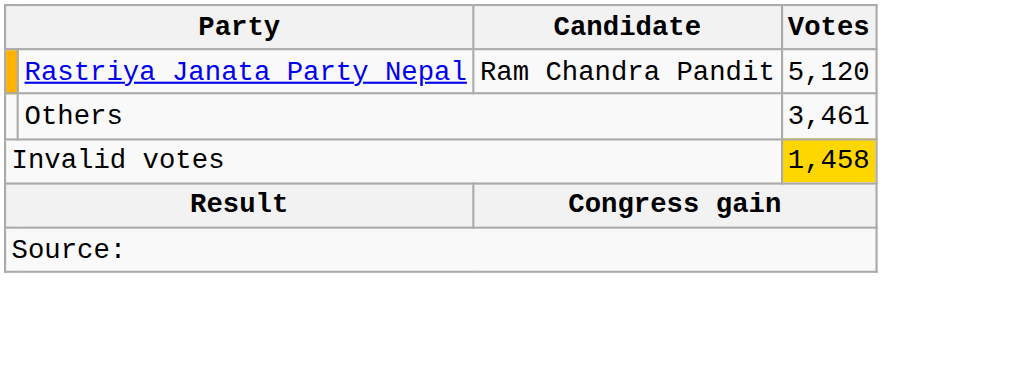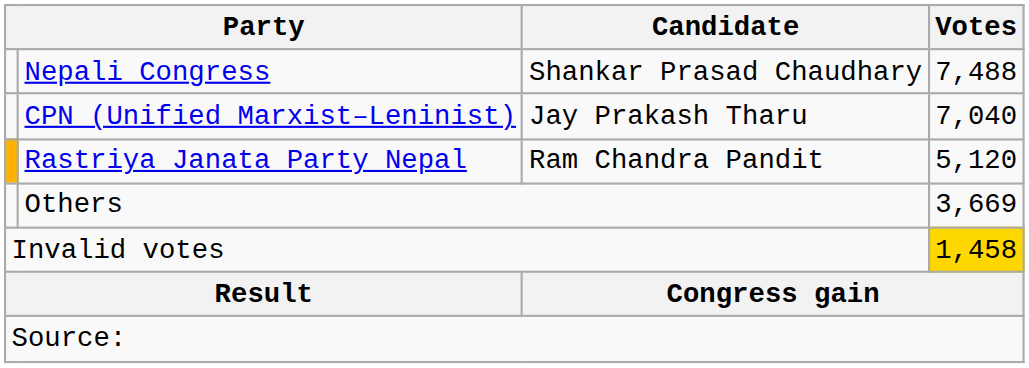 <table class="wikitable">
 <tr>
 <th colspan="2">Party</th>
 <th>Candidate</th>
 <th>Votes</th>
+</tr>
+<tr>
+<td style="background-color:"></td>
+<td><a href='#'>Nepali Congress</a></td>
+<td>Shankar Prasad Chaudhary</td>
+<td>7,488</td>
+</tr>
+<tr>
+<td style="background-color:"></td>
+<td><a href='#'>CPN (Unified Marxist–Leninist)</a></td>
+<td>Jay Prakash Tharu</td>
+<td>7,040</td>
 </tr>
 <tr>
 <td style="background-color:#ffb300"></td>
 <td><a href='#'>Rastriya Janata Party Nepal</a></td>
 <td>Ram Chandra Pandit</td>
 <td>5,120</td>
 </tr>
 <tr>
 <td></td>
 <td colspan="2">Others</td>
-<td>3,461</td>
+<td>3,669</td>
 </tr>
 <tr>
 <td colspan="3">Invalid votes</td>
 <td style="background: gold;">1,458</td>
 </tr>
 <tr>
 <th colspan="2">Result</th>
 <th colspan="2">Congress gain</th>
 </tr>
 <tr>
 <td colspan="4">Source: </td>
 </tr>
 </table>
